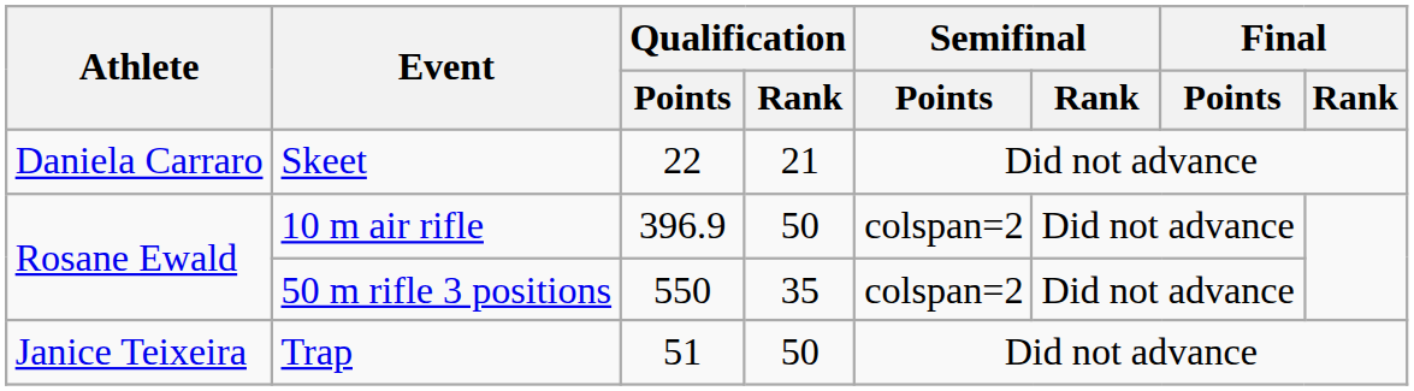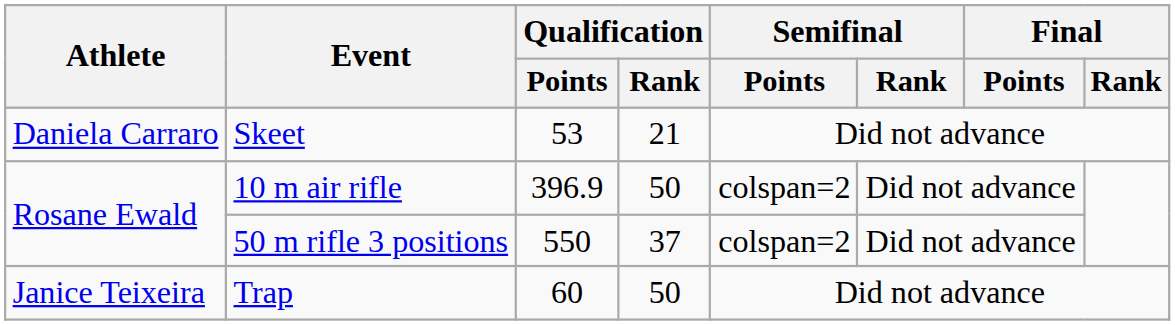 <table class="wikitable" style="font-size:90%">
 <tr>
 <th rowspan="2">Athlete</th>
 <th rowspan="2">Event</th>
 <th colspan=2>Qualification</th>
 <th colspan=2>Semifinal</th>
 <th colspan=2>Final</th>
 </tr>
 <tr style="font-size:95%">
 <th>Points</th>
 <th>Rank</th>
 <th>Points</th>
 <th>Rank</th>
 <th>Points</th>
 <th>Rank</th>
 </tr>
 <tr align=center>
 <td align=left><a href='#'>Daniela Carraro</a></td>
 <td align=left><a href='#'>Skeet</a></td>
-<td>22</td>
+<td>53</td>
 <td>21</td>
 <td colspan=4>Did not advance</td>
 </tr>
 <tr align=center>
 <td align=left rowspan=2><a href='#'>Rosane Ewald</a></td>
 <td align=left><a href='#'>10 m air rifle</a></td>
 <td>396.9</td>
 <td>50</td>
 <td>colspan=2 </td>
 <td colspan=2>Did not advance</td>
 </tr>
 <tr align=center>
 <td align=left><a href='#'>50 m rifle 3 positions</a></td>
 <td>550</td>
-<td>35</td>
+<td>37</td>
 <td>colspan=2 </td>
 <td colspan=2>Did not advance</td>
 </tr>
 <tr align=center>
 <td align=left><a href='#'>Janice Teixeira</a></td>
 <td align=left><a href='#'>Trap</a></td>
-<td>51</td>
+<td>60</td>
 <td>50</td>
 <td colspan=4>Did not advance</td>
 </tr>
 </table>
